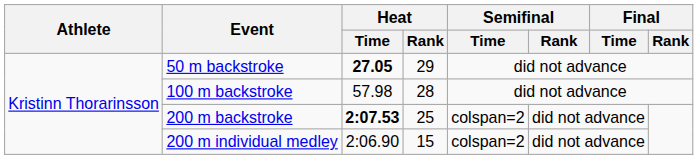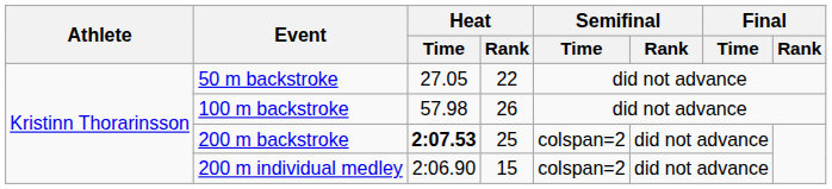 <table class=wikitable style="font-size:90%">
 <tr>
 <th rowspan=2>Athlete</th>
 <th rowspan=2>Event</th>
 <th colspan="2">Heat</th>
 <th colspan="2">Semifinal</th>
 <th colspan="2">Final</th>
 </tr>
 <tr style="font-size:95%">
 <th>Time</th>
 <th>Rank</th>
 <th>Time</th>
 <th>Rank</th>
 <th>Time</th>
 <th>Rank</th>
 </tr>
 <tr align=center>
 <td align=left rowspan=4><a href='#'>Kristinn Thorarinsson</a></td>
 <td align=left><a href='#'>50 m backstroke</a></td>
-<td><strong>27.05</strong></td>
-<td>29</td>
+<td>27.05</td>
+<td>22</td>
 <td colspan=4>did not advance</td>
 </tr>
 <tr align=center>
 <td align=left><a href='#'>100 m backstroke</a></td>
 <td>57.98</td>
-<td>28</td>
+<td>26</td>
 <td colspan=4>did not advance</td>
 </tr>
 <tr align=center>
 <td align=left><a href='#'>200 m backstroke</a></td>
 <td><strong>2:07.53</strong></td>
 <td>25</td>
 <td>colspan=2 </td>
 <td colspan=2>did not advance</td>
 </tr>
 <tr align=center>
 <td align=left><a href='#'>200 m individual medley</a></td>
 <td>2:06.90</td>
 <td>15</td>
 <td>colspan=2 </td>
 <td colspan=2>did not advance</td>
 </tr>
 </table>
